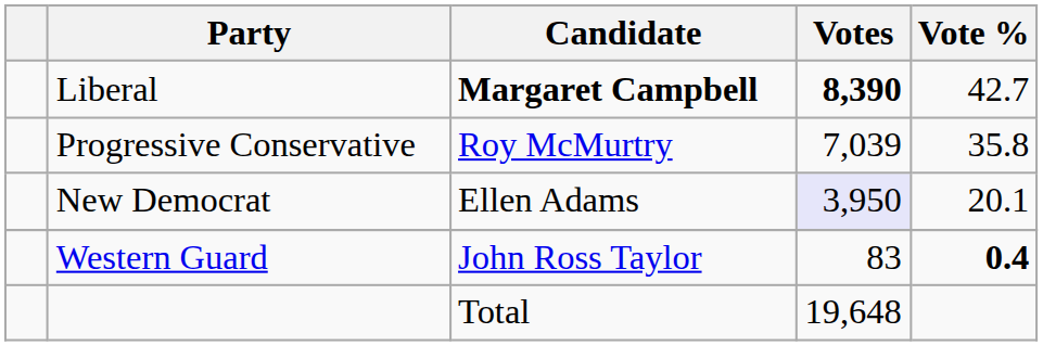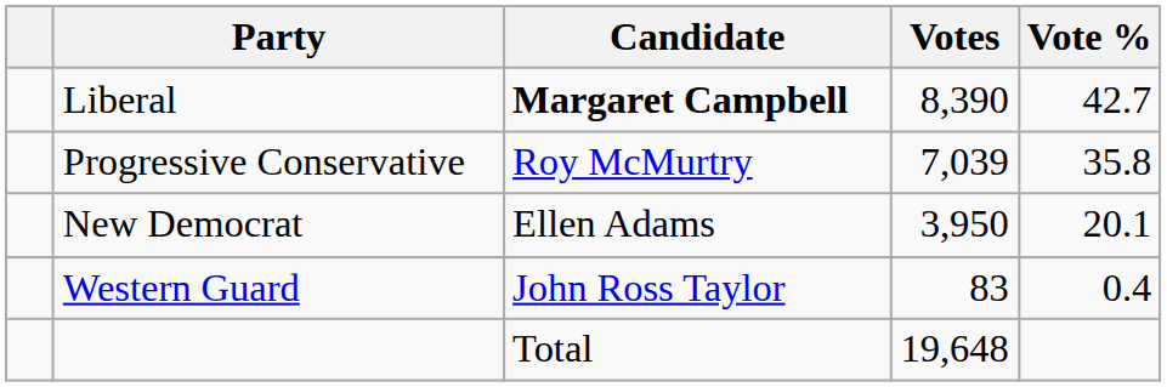 <table class="wikitable">
 <tr>
 <th></th>
 <th scope="col" width="175">Party</th>
 <th scope="col" width="150">Candidate</th>
 <th>Votes</th>
 <th>Vote %</th>
 </tr>
 <tr>
 <td>   </td>
 <td>Liberal</td>
 <td><strong>Margaret Campbell</strong></td>
-<td align=right><strong>8,390</strong></td>
+<td align=right>8,390</td>
 <td align=right>42.7</td>
 </tr>
 <tr |>
 <td>   </td>
 <td>Progressive Conservative</td>
 <td><a href='#'>Roy McMurtry</a></td>
 <td align=right>7,039</td>
 <td align=right>35.8</td>
 </tr>
 <tr |>
 <td>   </td>
 <td>New Democrat</td>
 <td>Ellen Adams</td>
-<td align=right style="background: lavender;">3,950</td>
+<td align=right>3,950</td>
 <td align=right>20.1</td>
 </tr>
 <tr |>
 </tr>
 <tr |>
 <td>   </td>
 <td><a href='#'>Western Guard</a></td>
 <td><a href='#'>John Ross Taylor</a></td>
 <td align=right>83</td>
-<td align=right><strong>0.4</strong></td>
+<td align=right>0.4</td>
 </tr>
 <tr |>
 <td></td>
 <td></td>
 <td>Total</td>
 <td align=right>19,648</td>
 <td></td>
 </tr>
 </table>
